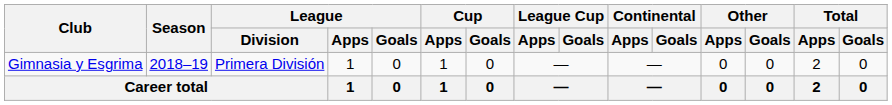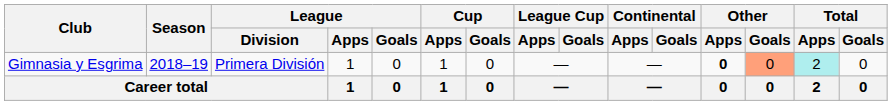 <table class="wikitable" style="text-align:center">
 <tr>
 <th rowspan="2">Club</th>
 <th rowspan="2">Season</th>
 <th colspan="3">League</th>
 <th colspan="2">Cup</th>
 <th colspan="2">League Cup</th>
 <th colspan="2">Continental</th>
 <th colspan="2">Other</th>
 <th colspan="2">Total</th>
 </tr>
 <tr>
 <th>Division</th>
 <th>Apps</th>
 <th>Goals</th>
 <th>Apps</th>
 <th>Goals</th>
 <th>Apps</th>
 <th>Goals</th>
 <th>Apps</th>
 <th>Goals</th>
 <th>Apps</th>
 <th>Goals</th>
 <th>Apps</th>
 <th>Goals</th>
 </tr>
 <tr>
 <td rowspan="1"><a href='#'>Gimnasia y Esgrima</a></td>
 <td><a href='#'>2018–19</a></td>
 <td rowspan="1"><a href='#'>Primera División</a></td>
 <td>1</td>
 <td>0</td>
 <td>1</td>
 <td>0</td>
 <td colspan="2">—</td>
 <td colspan="2">—</td>
-<td>0</td>
-<td>0</td>
-<td>2</td>
+<td><strong>0</strong></td>
+<td style="background: lightsalmon;">0</td>
+<td style="background: paleturquoise;">2</td>
 <td>0</td>
 </tr>
 <tr>
 <th colspan="3">Career total</th>
 <th>1</th>
 <th>0</th>
 <th>1</th>
 <th>0</th>
 <th colspan="2">—</th>
 <th colspan="2">—</th>
 <th>0</th>
 <th>0</th>
 <th>2</th>
 <th>0</th>
 </tr>
 </table>
